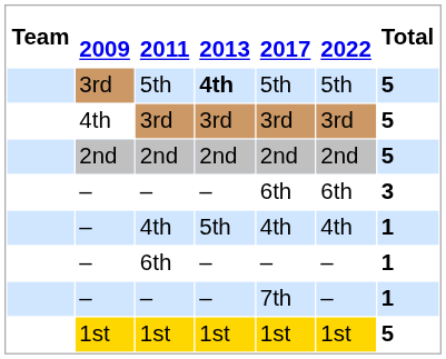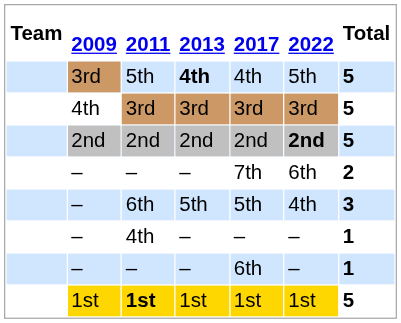 <table border="0" cellspacing="1" cellpadding="3" style="border: 1px solid #aaaaaa;">
 <tr bgcolor=>
 <td><strong>Team</strong></td>
 <td><strong><br><a href='#'>2009</a></strong></td>
 <td><strong><br><a href='#'>2011</a></strong></td>
 <td><strong><br><a href='#'>2013</a></strong></td>
 <td><strong><br><a href='#'>2017</a></strong></td>
 <td><strong><br><a href='#'>2022</a></strong></td>
 <td><strong>Total</strong></td>
 </tr>
 <tr bgcolor=#D0E6FF>
 <td></td>
 <td bgcolor=#cc9966>3rd</td>
 <td>5th</td>
 <td><strong>4th</strong></td>
-<td>5th</td>
+<td>4th</td>
 <td>5th</td>
 <td><strong>5</strong></td>
 </tr>
 <tr bgcolor=#FFFFFF>
 <td></td>
 <td>4th</td>
 <td bgcolor=#cc9966>3rd</td>
 <td bgcolor=#cc9966>3rd</td>
 <td bgcolor=#cc9966>3rd</td>
 <td bgcolor=#cc9966>3rd</td>
 <td><strong>5</strong></td>
 </tr>
 <tr bgcolor=#D0E6FF>
 <td></td>
 <td bgcolor=silver>2nd</td>
 <td bgcolor=silver>2nd</td>
 <td bgcolor=silver>2nd</td>
 <td bgcolor=silver>2nd</td>
-<td bgcolor=silver>2nd</td>
+<td bgcolor=silver><strong>2nd</strong></td>
 <td><strong>5</strong></td>
 </tr>
 <tr bgcolor=#FFFFFF>
 <td></td>
 <td>–</td>
 <td>–</td>
 <td>–</td>
+<td>7th</td>
 <td>6th</td>
-<td>6th</td>
-<td><strong>3</strong></td>
+<td><strong>2</strong></td>
 </tr>
 <tr bgcolor=#D0E6FF>
 <td></td>
 <td>–</td>
-<td>4th</td>
+<td>6th</td>
+<td>5th</td>
 <td>5th</td>
 <td>4th</td>
-<td>4th</td>
-<td><strong>1</strong></td>
+<td><strong>3</strong></td>
 </tr>
 <tr bgcolor=#FFFFFF>
 <td></td>
 <td>–</td>
-<td>6th</td>
+<td>4th</td>
 <td>–</td>
 <td>–</td>
 <td>–</td>
 <td><strong>1</strong></td>
 </tr>
 <tr bgcolor=#D0E6FF>
 <td></td>
 <td>–</td>
 <td>–</td>
 <td>–</td>
-<td>7th</td>
+<td>6th</td>
 <td>–</td>
 <td><strong>1</strong></td>
 </tr>
 <tr bgcolor=#FFFFFF>
 <td></td>
 <td bgcolor=gold>1st</td>
-<td bgcolor=gold>1st</td>
+<td bgcolor=gold><strong>1st</strong></td>
 <td bgcolor=gold>1st</td>
 <td bgcolor=gold>1st</td>
 <td bgcolor=gold>1st</td>
 <td><strong>5</strong></td>
 </tr>
 </table>
